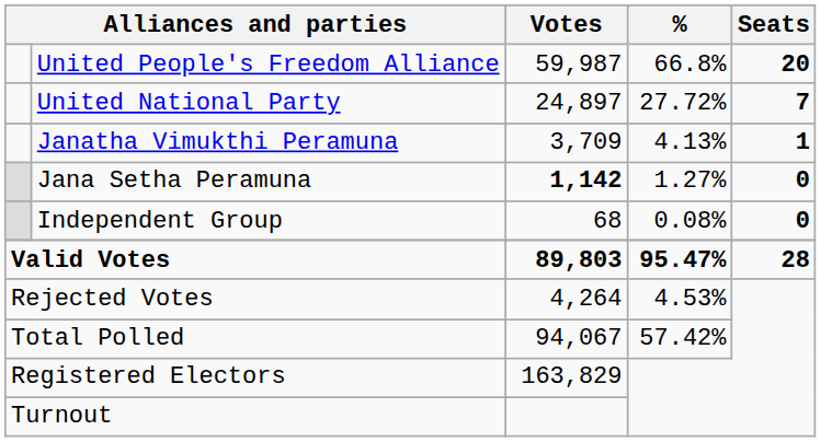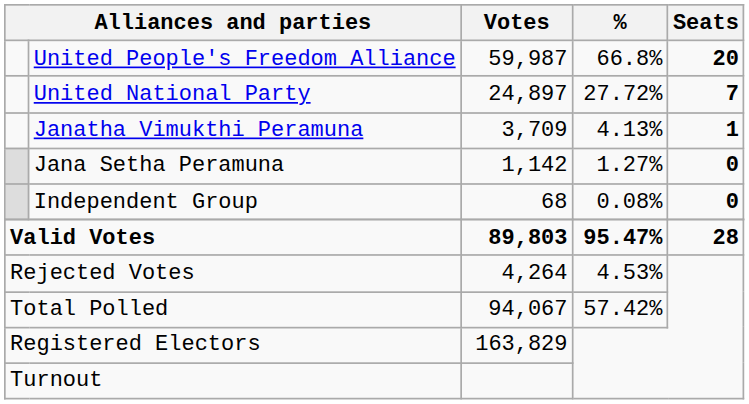 <table class="wikitable" border="1" style="text-align:right;">
 <tr>
 <th valign=bottom align=left colspan=2>Alliances and parties</th>
 <th valign=bottom align=center width="60">Votes</th>
 <th valign=bottom align=center width="50">%</th>
 <th valign=bottom align=center>Seats</th>
 </tr>
 <tr>
 <td bgcolor=> </td>
 <td align=left><a href='#'>United People's Freedom Alliance</a></td>
 <td>59,987</td>
 <td>66.8%</td>
 <td><strong>20</strong></td>
 </tr>
 <tr>
 <td bgcolor=> </td>
 <td align=left><a href='#'>United National Party</a></td>
 <td>24,897</td>
 <td>27.72%</td>
 <td><strong>7</strong></td>
 </tr>
 <tr>
 <td bgcolor=> </td>
 <td align=left><a href='#'>Janatha Vimukthi Peramuna</a></td>
 <td>3,709</td>
 <td>4.13%</td>
 <td><strong>1</strong></td>
 </tr>
 <tr>
 <td bgcolor=#DDDDDD> </td>
 <td align=left>Jana Setha Peramuna</td>
-<td><strong>1,142</strong></td>
+<td>1,142</td>
 <td>1.27%</td>
 <td><strong>0</strong></td>
 </tr>
 <tr>
 <td bgcolor=#DDDDDD> </td>
 <td align=left>Independent Group</td>
 <td>68</td>
 <td>0.08%</td>
 <td><strong>0</strong></td>
 </tr>
 <tr>
 </tr>
 <tr>
 <td colspan=2 align=left><strong>Valid Votes</strong></td>
 <td><strong>89,803</strong></td>
 <td><strong>95.47%</strong></td>
 <td><strong>28</strong></td>
 </tr>
 <tr>
 <td colspan=2 align=left>Rejected Votes</td>
 <td>4,264</td>
 <td>4.53%</td>
 </tr>
 <tr>
 <td colspan=2 align=left>Total Polled</td>
 <td>94,067</td>
 <td>57.42%</td>
 </tr>
 <tr>
 <td colspan=2 align=left>Registered Electors</td>
 <td>163,829</td>
 </tr>
 <tr>
 <td colspan=2 align=left>Turnout</td>
 <td></td>
 </tr>
 </table>
